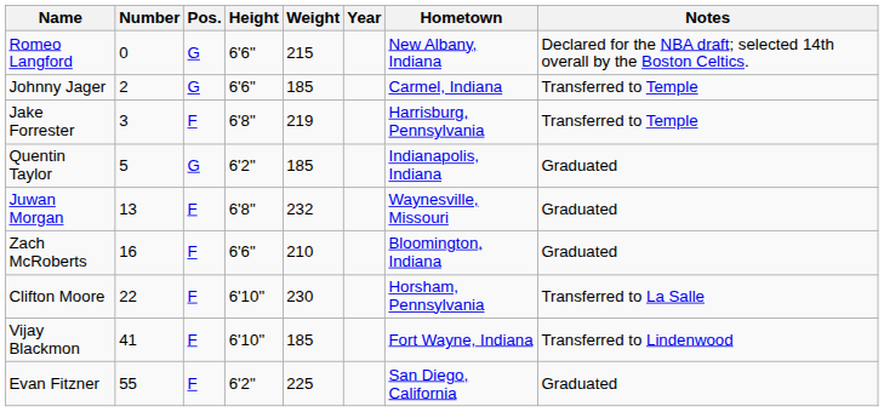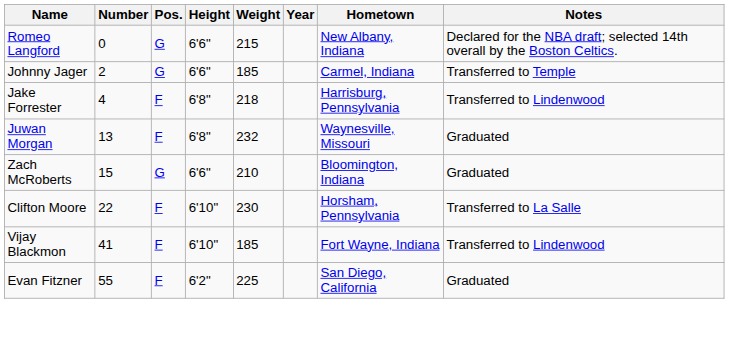 <table class="wikitable sortable" border="1">
 <tr align=center>
 <th>Name</th>
 <th>Number</th>
 <th>Pos.</th>
 <th>Height</th>
 <th>Weight</th>
 <th>Year</th>
 <th>Hometown</th>
 <th>Notes</th>
 </tr>
 <tr>
 <td sortname><a href='#'>Romeo Langford</a></td>
 <td>0</td>
 <td><a href='#'>G</a></td>
 <td>6'6"</td>
 <td>215</td>
 <td></td>
 <td><a href='#'>New Albany, Indiana</a></td>
 <td>Declared for the <a href='#'>NBA draft</a>; selected 14th overall by the <a href='#'>Boston Celtics</a>.</td>
 </tr>
 <tr>
 <td sortname>Johnny Jager</td>
 <td>2</td>
 <td><a href='#'>G</a></td>
 <td>6'6"</td>
 <td>185</td>
 <td></td>
 <td><a href='#'>Carmel, Indiana</a></td>
 <td>Transferred to <a href='#'>Temple</a></td>
 </tr>
 <tr>
 <td sortname>Jake Forrester</td>
-<td>3</td>
+<td>4</td>
 <td><a href='#'>F</a></td>
 <td>6'8"</td>
-<td>219</td>
+<td>218</td>
 <td></td>
 <td><a href='#'>Harrisburg, Pennsylvania</a></td>
-<td>Transferred to <a href='#'>Temple</a></td>
-</tr>
-<tr>
-<td sortname>Quentin Taylor</td>
-<td>5</td>
-<td><a href='#'>G</a></td>
-<td>6'2"</td>
-<td>185</td>
-<td></td>
-<td><a href='#'>Indianapolis, Indiana</a></td>
-<td>Graduated</td>
+<td>Transferred to <a href='#'>Lindenwood</a></td>
 </tr>
 <tr>
 <td sortname><a href='#'>Juwan Morgan</a></td>
 <td>13</td>
 <td><a href='#'>F</a></td>
 <td>6'8"</td>
 <td>232</td>
 <td></td>
 <td><a href='#'>Waynesville, Missouri</a></td>
 <td>Graduated</td>
 </tr>
 <tr>
 <td sortname>Zach McRoberts</td>
-<td>16</td>
-<td><a href='#'>F</a></td>
+<td>15</td>
+<td><a href='#'>G</a></td>
 <td>6'6"</td>
 <td>210</td>
 <td></td>
 <td><a href='#'>Bloomington, Indiana</a></td>
 <td>Graduated</td>
 </tr>
 <tr>
 <td sortname>Clifton Moore</td>
 <td>22</td>
 <td><a href='#'>F</a></td>
 <td>6'10"</td>
 <td>230</td>
 <td></td>
 <td><a href='#'>Horsham, Pennsylvania</a></td>
 <td>Transferred to <a href='#'>La Salle</a></td>
 </tr>
 <tr>
 <td sortname>Vijay Blackmon</td>
 <td>41</td>
 <td><a href='#'>F</a></td>
 <td>6'10"</td>
 <td>185</td>
 <td></td>
 <td><a href='#'>Fort Wayne, Indiana</a></td>
 <td>Transferred to <a href='#'>Lindenwood</a></td>
 </tr>
 <tr>
 <td sortname>Evan Fitzner</td>
 <td>55</td>
 <td><a href='#'>F</a></td>
 <td>6'2"</td>
 <td>225</td>
 <td></td>
 <td><a href='#'>San Diego, California</a></td>
 <td>Graduated</td>
 </tr>
 </table>
